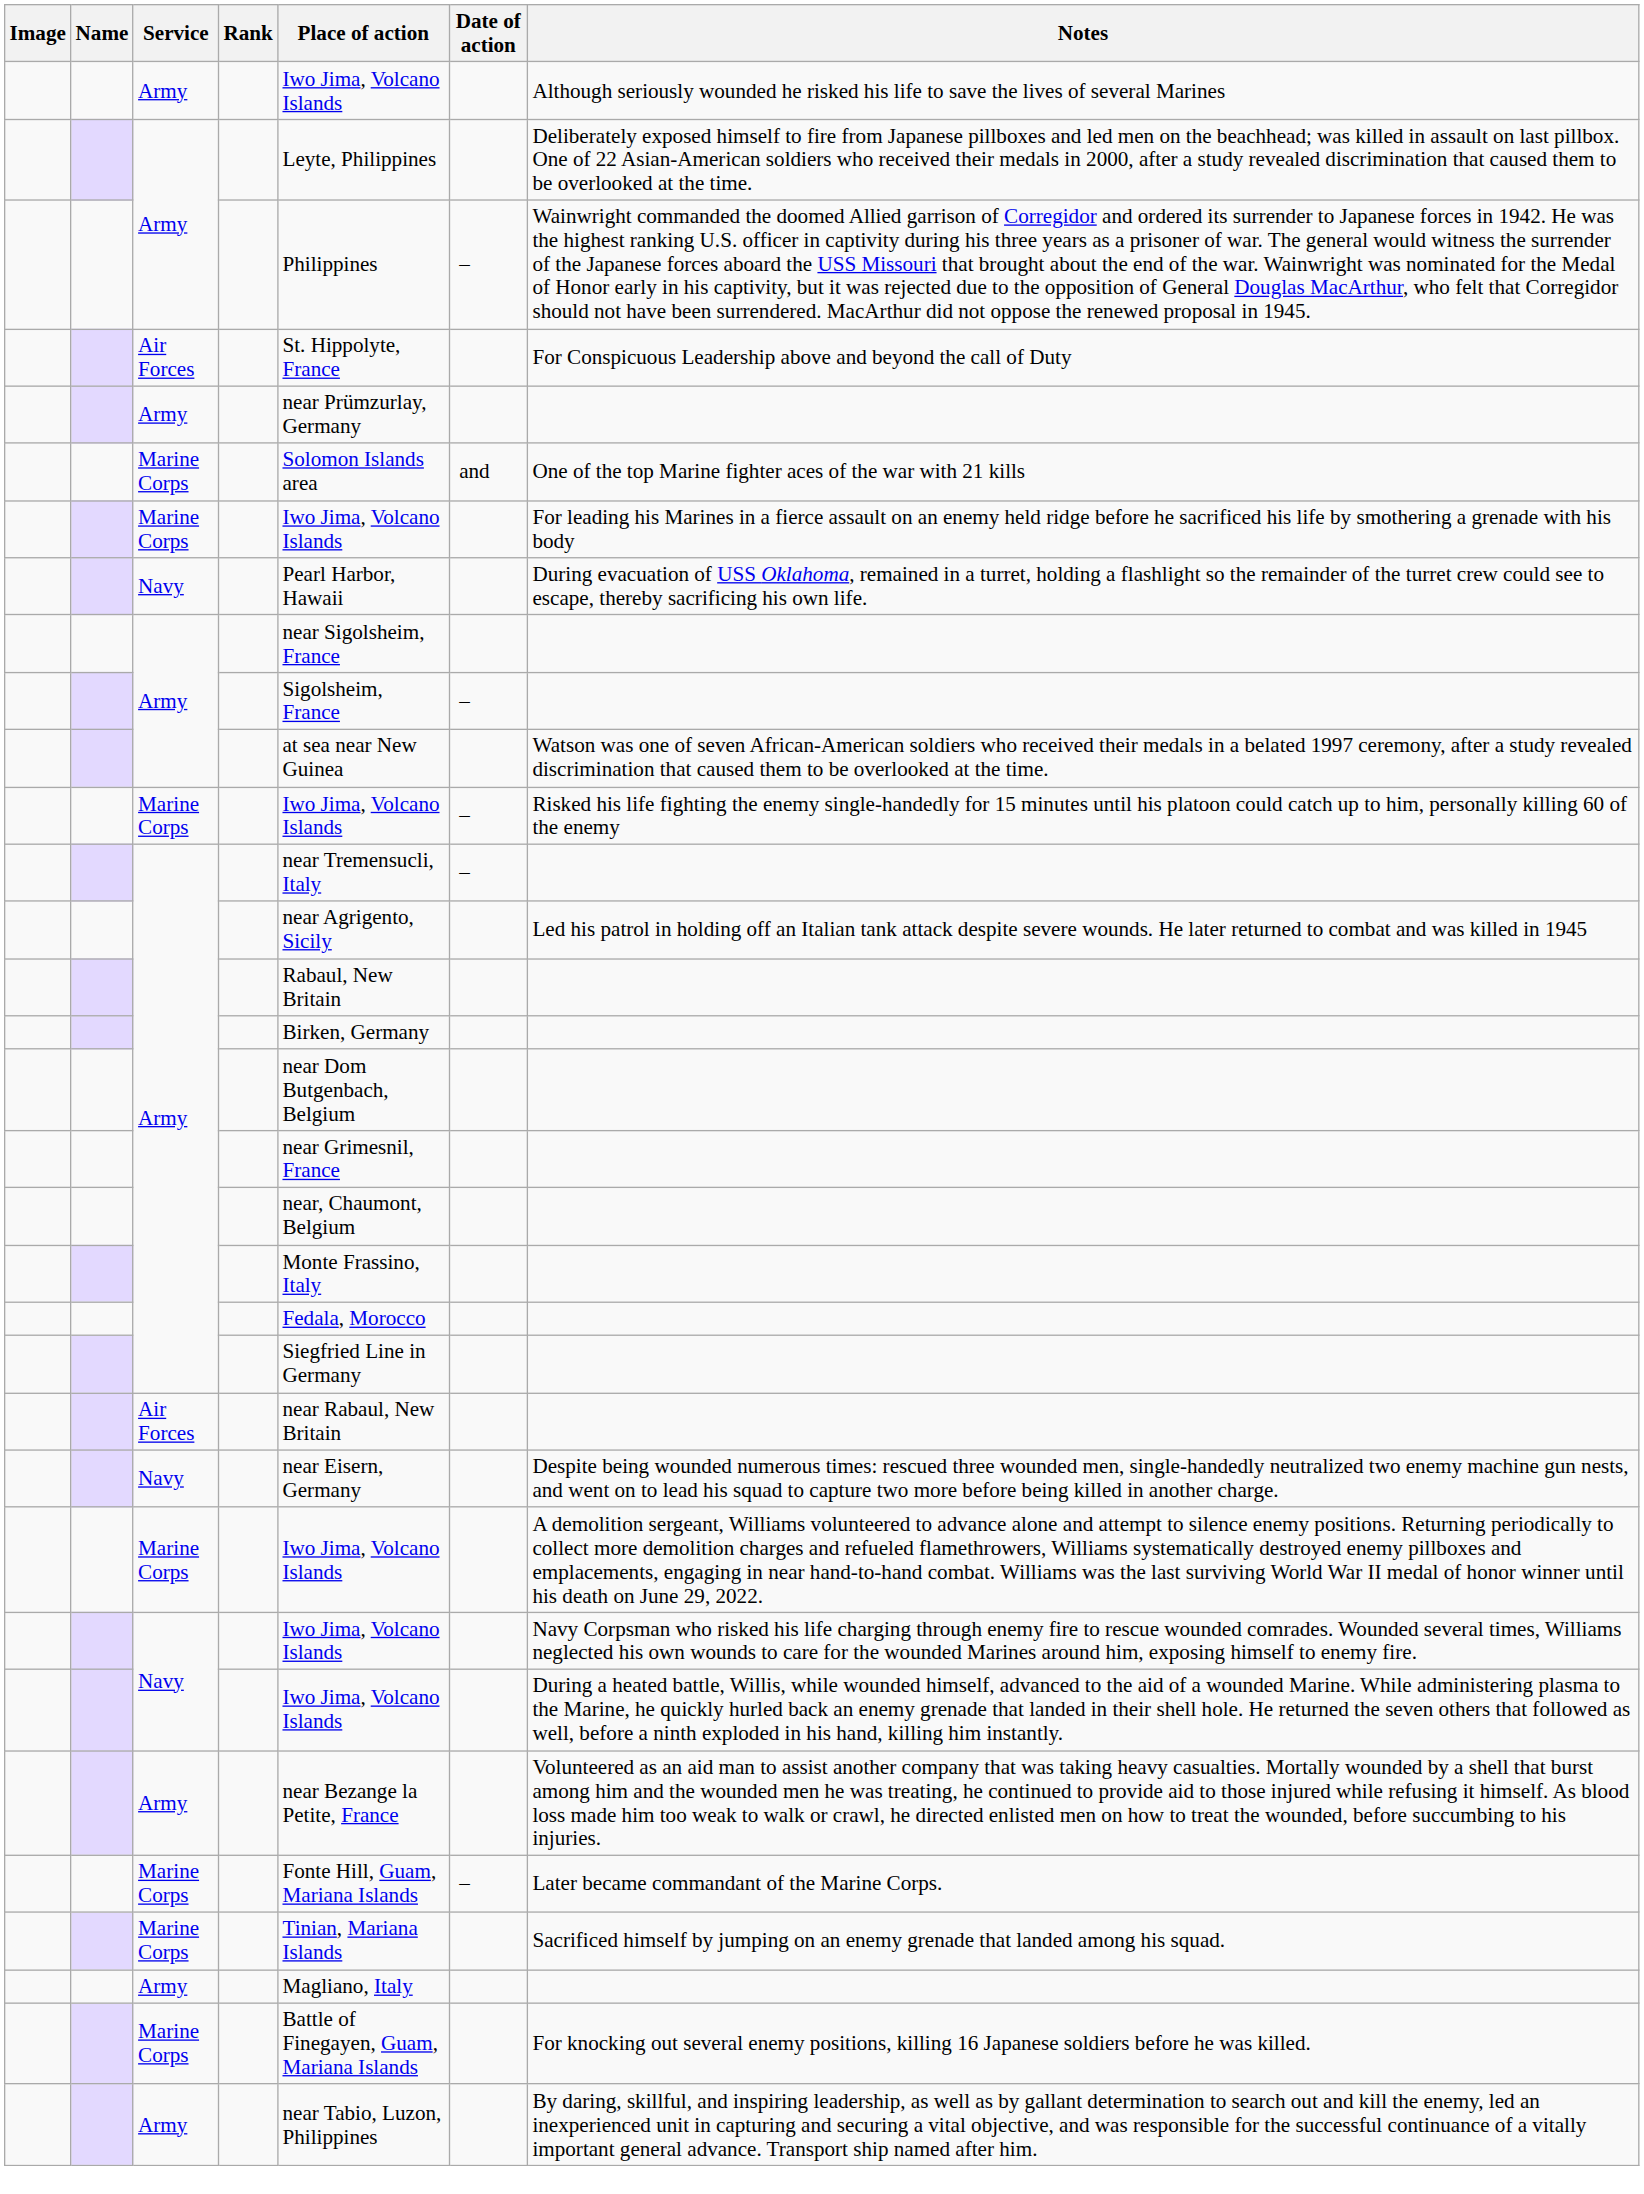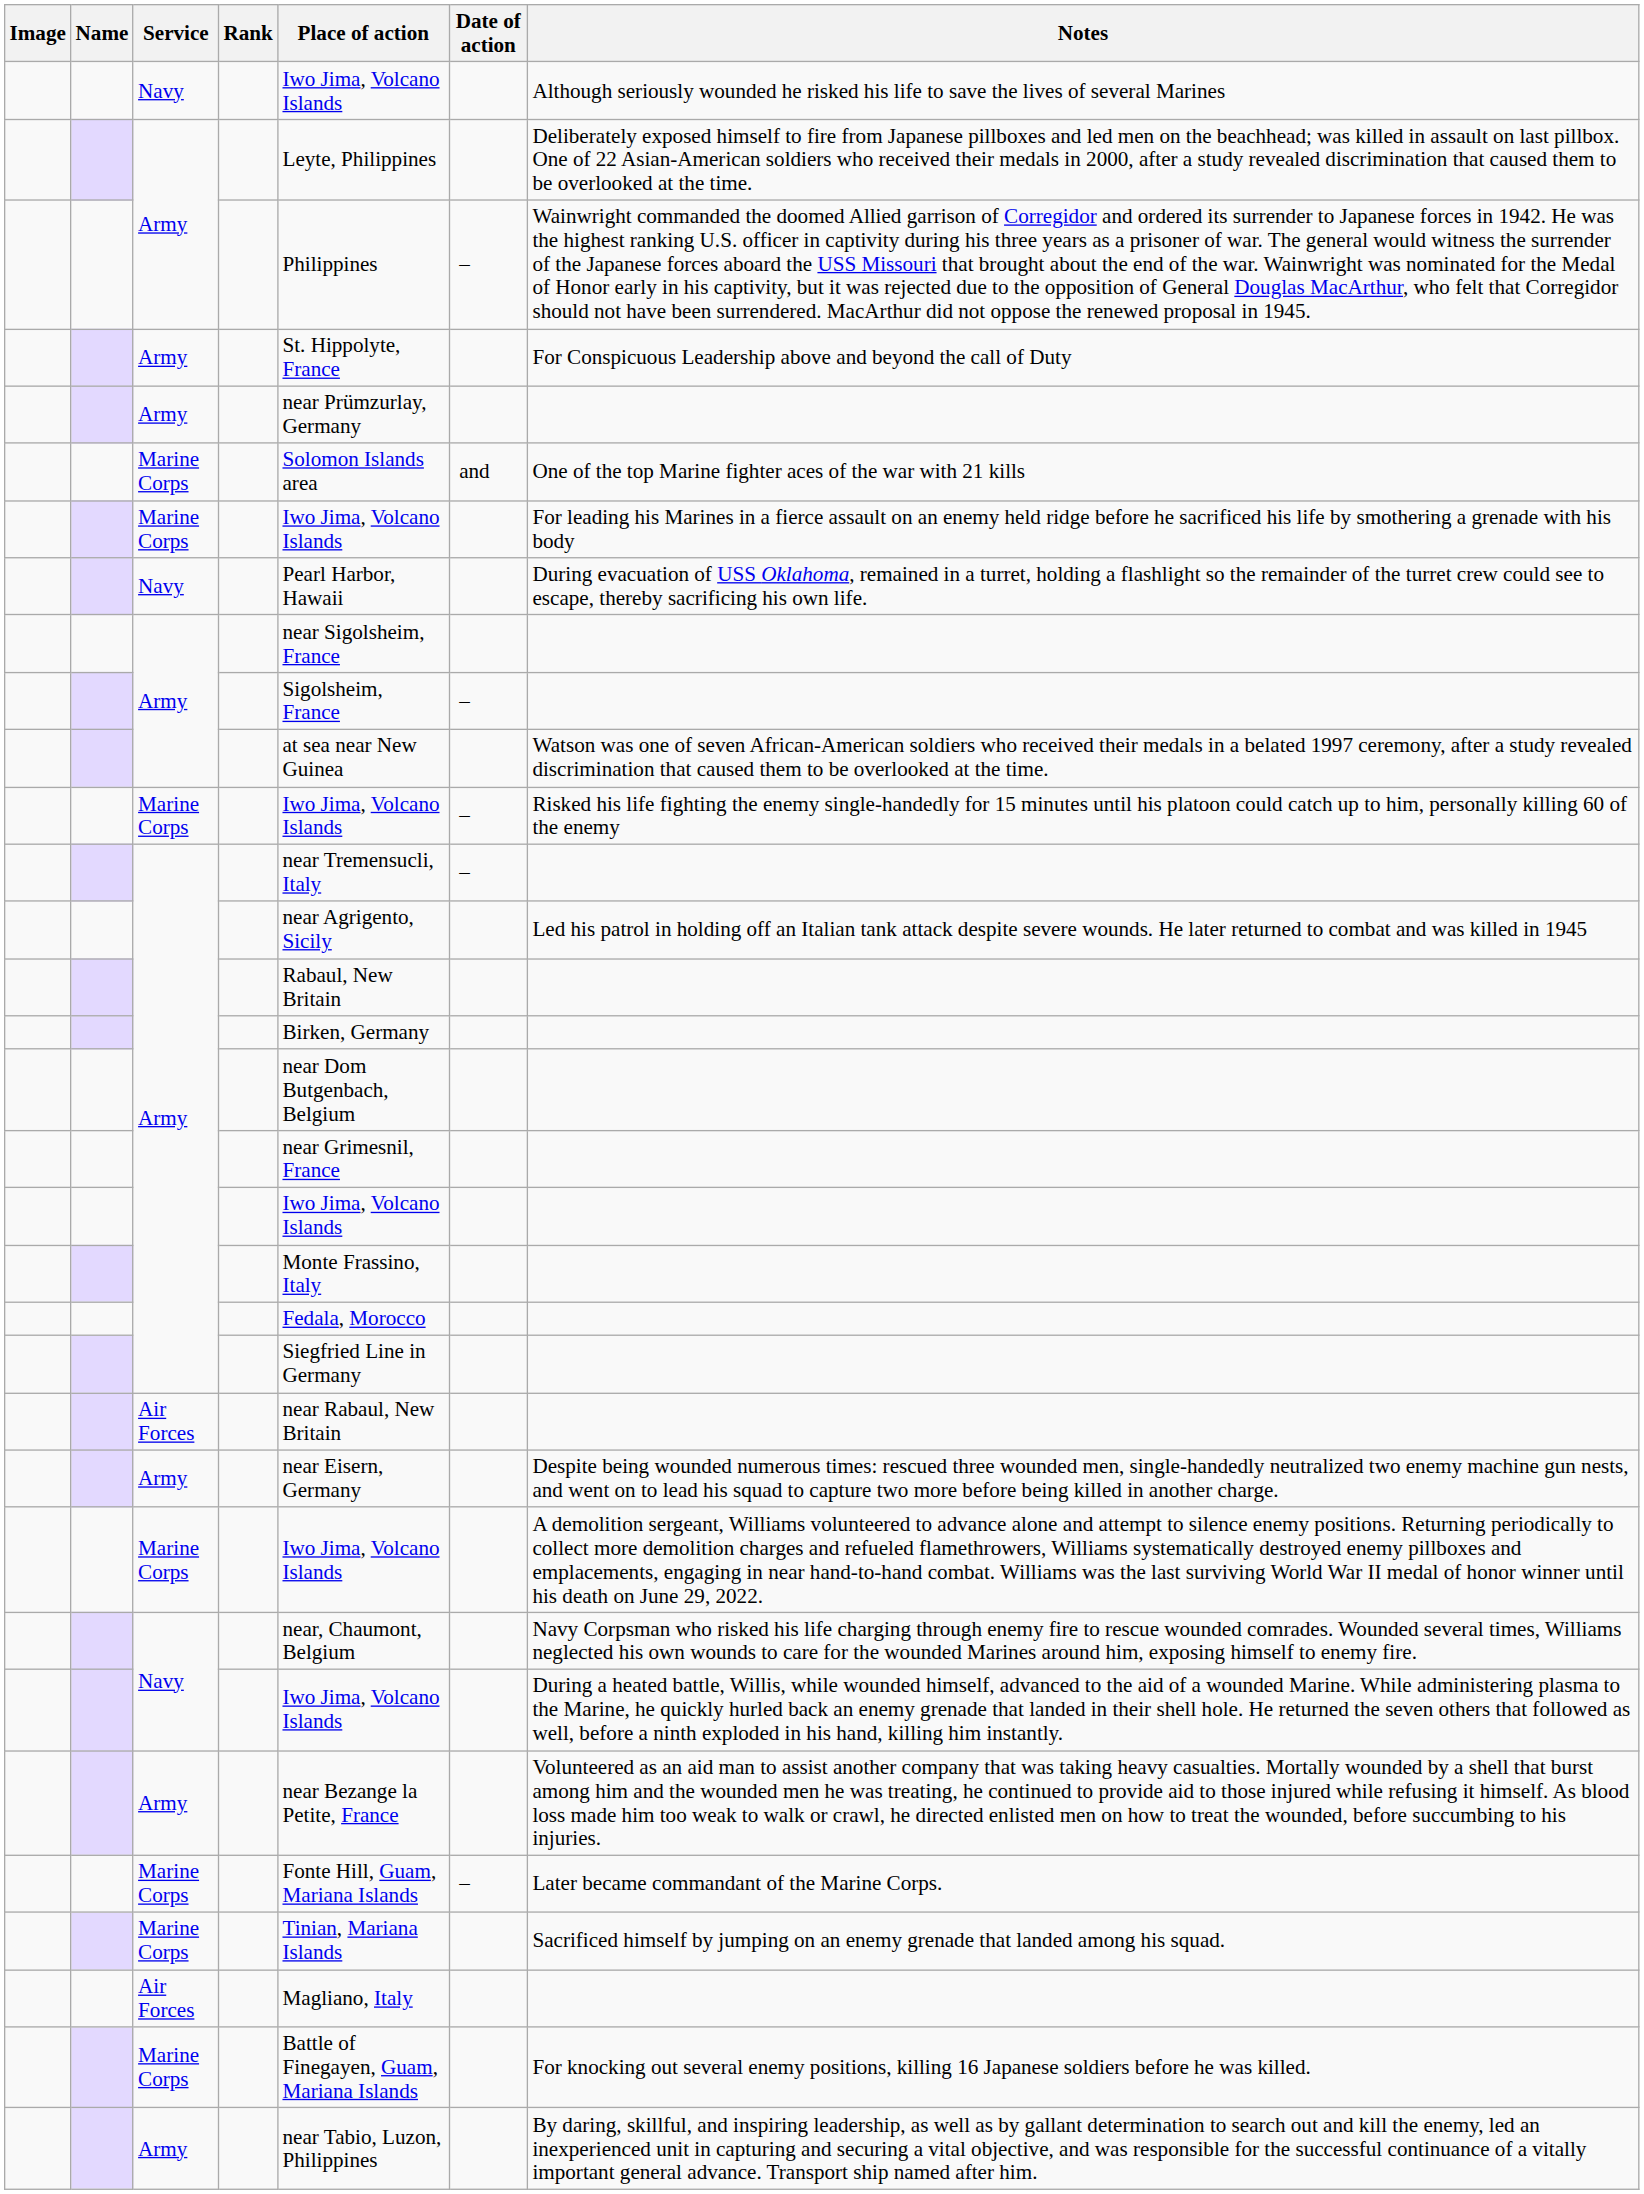 <table class="wikitable sortable" width="98%">
 <tr>
 <th class="unsortable">Image</th>
 <th>Name</th>
 <th>Service</th>
 <th>Rank</th>
 <th>Place of action</th>
 <th>Date of action</th>
 <th class="unsortable">Notes</th>
 </tr>
 <tr>
 <td></td>
 <td></td>
-<td><a href='#'>Army</a></td>
+<td><a href='#'>Navy</a></td>
 <td></td>
 <td><a href='#'>Iwo Jima</a>, <a href='#'>Volcano Islands</a></td>
 <td></td>
 <td>Although seriously wounded he risked his life to save the lives of several Marines</td>
 </tr>
 <tr>
 <td></td>
 <td style="background:#e3d9ff;"></td>
 <td rowspan="2"><a href='#'>Army</a></td>
 <td></td>
 <td>Leyte, Philippines</td>
 <td></td>
 <td>Deliberately exposed himself to fire from Japanese pillboxes and led men on the beachhead; was killed in assault on last pillbox. One of 22 Asian-American soldiers who received their medals in 2000, after a study revealed discrimination that caused them to be overlooked at the time.</td>
 </tr>
 <tr>
 <td></td>
 <td></td>
 <td></td>
 <td>Philippines</td>
 <td> – </td>
 <td>Wainwright commanded the doomed Allied garrison of <a href='#'>Corregidor</a> and ordered its surrender to Japanese forces in 1942. He was the highest ranking U.S. officer in captivity during his three years as a prisoner of war. The general would witness the surrender of the Japanese forces aboard the <a href='#'>USS Missouri</a> that brought about the end of the war. Wainwright was nominated for the Medal of Honor early in his captivity, but it was rejected due to the opposition of General <a href='#'>Douglas MacArthur</a>, who felt that Corregidor should not have been surrendered. MacArthur did not oppose the renewed proposal in 1945.</td>
 </tr>
 <tr>
 <td></td>
 <td style="background:#e3d9ff;"></td>
-<td><a href='#'>Air Forces</a></td>
+<td><a href='#'>Army</a></td>
 <td></td>
 <td>St. Hippolyte, <a href='#'>France</a></td>
 <td></td>
 <td>For Conspicuous Leadership above and beyond the call of Duty</td>
 </tr>
 <tr>
 <td></td>
 <td style="background:#e3d9ff;"></td>
 <td><a href='#'>Army</a></td>
 <td></td>
 <td>near Prümzurlay, Germany</td>
 <td></td>
 <td></td>
 </tr>
 <tr>
 <td></td>
 <td></td>
 <td><a href='#'>Marine Corps</a></td>
 <td></td>
 <td><a href='#'>Solomon Islands</a> area</td>
 <td> and </td>
 <td>One of the top Marine fighter aces of the war with 21 kills</td>
 </tr>
 <tr>
 <td></td>
 <td style="background:#e3d9ff;"></td>
 <td><a href='#'>Marine Corps</a></td>
 <td></td>
 <td><a href='#'>Iwo Jima</a>, <a href='#'>Volcano Islands</a></td>
 <td></td>
 <td>For leading his Marines in a fierce assault on an enemy held ridge before he sacrificed his life by smothering a grenade with his body</td>
 </tr>
 <tr>
 <td></td>
 <td style="background:#e3d9ff;"></td>
 <td><a href='#'>Navy</a></td>
 <td></td>
 <td>Pearl Harbor, Hawaii</td>
 <td></td>
 <td>During evacuation of <a href='#'>USS <em>Oklahoma</em></a>, remained in a turret, holding a flashlight so the remainder of the turret crew could see to escape, thereby sacrificing his own life.</td>
 </tr>
 <tr>
 <td></td>
 <td></td>
 <td rowspan="3"><a href='#'>Army</a></td>
 <td></td>
 <td>near Sigolsheim, <a href='#'>France</a></td>
 <td></td>
 <td></td>
 </tr>
 <tr>
 <td></td>
 <td style="background:#e3d9ff;"></td>
 <td></td>
 <td>Sigolsheim, <a href='#'>France</a></td>
 <td> – </td>
 <td></td>
 </tr>
 <tr>
 <td></td>
 <td style="background:#e3d9ff;"></td>
 <td></td>
 <td>at sea near New Guinea</td>
 <td></td>
 <td>Watson was one of seven African-American soldiers who received their medals in a belated 1997 ceremony, after a study revealed discrimination that caused them to be overlooked at the time.</td>
 </tr>
 <tr>
 <td></td>
 <td></td>
 <td><a href='#'>Marine Corps</a></td>
 <td></td>
 <td><a href='#'>Iwo Jima</a>, <a href='#'>Volcano Islands</a></td>
 <td> – </td>
 <td>Risked his life fighting the enemy single-handedly for 15 minutes until his platoon could catch up to him, personally killing 60 of the enemy</td>
 </tr>
 <tr>
 <td></td>
 <td style="background:#e3d9ff;"></td>
 <td rowspan="10"><a href='#'>Army</a></td>
 <td></td>
 <td>near Tremensucli, <a href='#'>Italy</a></td>
 <td> – </td>
 <td></td>
 </tr>
 <tr>
 <td></td>
 <td></td>
 <td></td>
 <td>near Agrigento, <a href='#'>Sicily</a></td>
 <td></td>
 <td>Led his patrol in holding off an Italian tank attack despite severe wounds. He later returned to combat and was killed in 1945</td>
 </tr>
 <tr>
 <td></td>
 <td style="background:#e3d9ff;"></td>
 <td></td>
 <td>Rabaul, New Britain</td>
 <td></td>
 <td></td>
 </tr>
 <tr>
 <td></td>
 <td style="background:#e3d9ff;"></td>
 <td></td>
 <td>Birken, Germany</td>
 <td></td>
 <td></td>
 </tr>
 <tr>
 <td></td>
 <td></td>
 <td></td>
 <td>near Dom Butgenbach, Belgium</td>
 <td></td>
 <td></td>
 </tr>
 <tr>
 <td></td>
 <td></td>
 <td></td>
 <td>near Grimesnil, <a href='#'>France</a></td>
 <td></td>
 <td></td>
 </tr>
 <tr>
 <td></td>
 <td></td>
 <td></td>
-<td>near, Chaumont, Belgium</td>
+<td><a href='#'>Iwo Jima</a>, <a href='#'>Volcano Islands</a></td>
 <td></td>
 <td></td>
 </tr>
 <tr>
 <td></td>
 <td style="background:#e3d9ff;"></td>
 <td></td>
 <td>Monte Frassino, <a href='#'>Italy</a></td>
 <td></td>
 <td></td>
 </tr>
 <tr>
 <td></td>
 <td></td>
 <td></td>
 <td><a href='#'>Fedala</a>, <a href='#'>Morocco</a></td>
 <td></td>
 <td></td>
 </tr>
 <tr>
 <td></td>
 <td style="background:#e3d9ff;"></td>
 <td></td>
 <td>Siegfried Line in Germany</td>
 <td></td>
 <td></td>
 </tr>
 <tr>
 <td></td>
 <td style="background:#e3d9ff;"></td>
 <td><a href='#'>Air Forces</a></td>
 <td></td>
 <td>near Rabaul, New Britain</td>
 <td></td>
 <td></td>
 </tr>
 <tr>
 <td></td>
 <td style="background:#e3d9ff;"></td>
-<td><a href='#'>Navy</a></td>
+<td><a href='#'>Army</a></td>
 <td></td>
 <td>near Eisern, Germany</td>
 <td></td>
 <td>Despite being wounded numerous times: rescued three wounded men, single-handedly neutralized two enemy machine gun nests, and went on to lead his squad to capture two more before being killed in another charge.</td>
 </tr>
 <tr>
 <td></td>
 <td></td>
 <td><a href='#'>Marine Corps</a></td>
 <td></td>
 <td><a href='#'>Iwo Jima</a>, <a href='#'>Volcano Islands</a></td>
 <td></td>
 <td>A demolition sergeant, Williams volunteered to advance alone and attempt to silence enemy positions. Returning periodically to collect more demolition charges and refueled flamethrowers, Williams systematically destroyed enemy pillboxes and emplacements, engaging in near hand-to-hand combat.  Williams was the last surviving World War II medal of honor winner until his death on June 29, 2022.</td>
 </tr>
 <tr>
 <td></td>
 <td style="background:#e3d9ff;"></td>
 <td rowspan="2"><a href='#'>Navy</a></td>
 <td></td>
-<td><a href='#'>Iwo Jima</a>, <a href='#'>Volcano Islands</a></td>
+<td>near, Chaumont, Belgium</td>
 <td></td>
 <td>Navy Corpsman who risked his life charging through enemy fire to rescue wounded comrades. Wounded several times, Williams neglected his own wounds to care for the wounded Marines around him, exposing himself to enemy fire.</td>
 </tr>
 <tr>
 <td></td>
 <td style="background:#e3d9ff;"></td>
 <td></td>
 <td><a href='#'>Iwo Jima</a>, <a href='#'>Volcano Islands</a></td>
 <td></td>
 <td>During a heated battle, Willis, while wounded himself, advanced to the aid of a wounded Marine. While administering plasma to the Marine, he quickly hurled back an enemy grenade that landed in their shell hole. He returned the seven others that followed as well, before a ninth exploded in his hand, killing him instantly.</td>
 </tr>
 <tr>
 <td></td>
 <td style="background:#e3d9ff;"></td>
 <td><a href='#'>Army</a></td>
 <td></td>
 <td>near Bezange la Petite, <a href='#'>France</a></td>
 <td></td>
 <td>Volunteered as an aid man to assist another company that was taking heavy casualties. Mortally wounded by a shell that burst among him and the wounded men he was treating, he continued to provide aid to those injured while refusing it himself. As blood loss made him too weak to walk or crawl, he directed enlisted men on how to treat the wounded, before succumbing to his injuries.</td>
 </tr>
 <tr>
 <td></td>
 <td></td>
 <td><a href='#'>Marine Corps</a></td>
 <td></td>
 <td>Fonte Hill, <a href='#'>Guam</a>, <a href='#'>Mariana Islands</a></td>
 <td> – </td>
 <td>Later became commandant of the Marine Corps.</td>
 </tr>
 <tr>
 <td></td>
 <td style="background:#e3d9ff;"></td>
 <td><a href='#'>Marine Corps</a></td>
 <td></td>
 <td><a href='#'>Tinian</a>, <a href='#'>Mariana Islands</a></td>
 <td></td>
 <td>Sacrificed himself by jumping on an enemy grenade that landed among his squad.</td>
 </tr>
 <tr>
 <td></td>
 <td></td>
-<td><a href='#'>Army</a></td>
+<td><a href='#'>Air Forces</a></td>
 <td></td>
 <td>Magliano, <a href='#'>Italy</a></td>
 <td></td>
 <td></td>
 </tr>
 <tr>
 <td></td>
 <td style="background:#e3d9ff;"></td>
 <td><a href='#'>Marine Corps</a></td>
 <td></td>
 <td>Battle of Finegayen, <a href='#'>Guam</a>, <a href='#'>Mariana Islands</a></td>
 <td></td>
 <td>For knocking out several enemy positions, killing 16 Japanese soldiers before he was killed.</td>
 </tr>
 <tr>
 <td></td>
 <td style="background:#e3d9ff;"></td>
 <td><a href='#'>Army</a></td>
 <td></td>
 <td>near Tabio, Luzon, Philippines</td>
 <td></td>
 <td>By daring, skillful, and inspiring leadership, as well as by gallant determination to search out and kill the enemy, led an inexperienced unit in capturing and securing a vital objective, and was responsible for the successful continuance of a vitally important general advance. Transport ship named after him.</td>
 </tr>
 </table>
